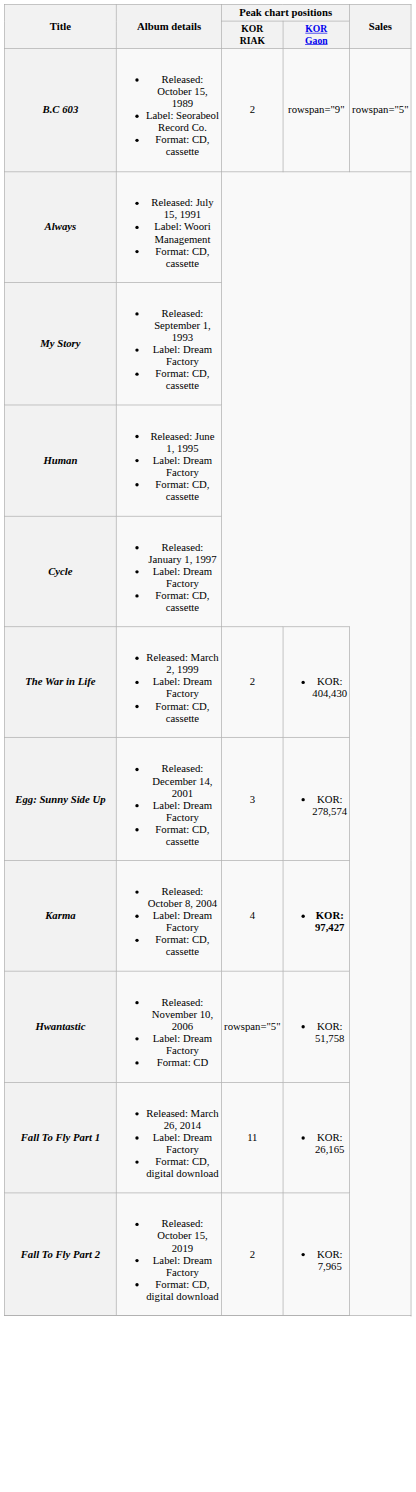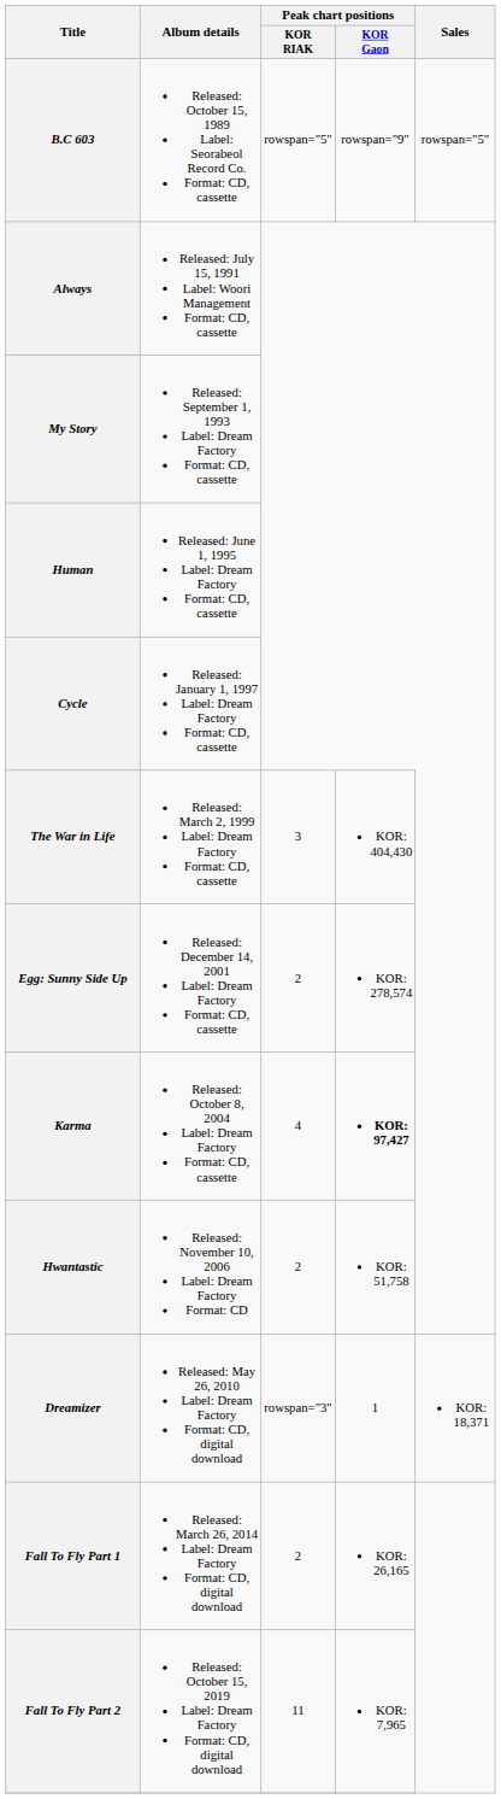 <table class="wikitable plainrowheaders" style="text-align:center;">
 <tr>
 <th scope="col" rowspan="2" style="width:10em;">Title</th>
 <th scope="col" rowspan="2">Album details</th>
 <th colspan="2" scope="col" style="width:5em;">Peak chart positions</th>
 <th scope="col" rowspan="2">Sales</th>
 </tr>
 <tr>
 <th style="width:3em;font-size:90%;">KOR<br>RIAK<br></th>
 <th style="width:3em;font-size:90%;"><a href='#'>KOR<br>Gaon</a><br></th>
 </tr>
 <tr>
 <th scope="row"><em>B.C 603</em></th>
 <td><br><ul><li>Released: October 15, 1989</li><li>Label: Seorabeol Record Co.</li><li>Format: CD, cassette</li></ul></td>
-<td>2</td>
+<td>rowspan="5" </td>
 <td>rowspan="9" </td>
 <td>rowspan="5" </td>
 </tr>
 <tr>
 <th scope="row"><em>Always</em></th>
 <td><br><ul><li>Released: July 15, 1991</li><li>Label: Woori Management</li><li>Format: CD, cassette</li></ul></td>
 </tr>
 <tr>
 <th scope="row"><em>My Story</em></th>
 <td><br><ul><li>Released: September 1, 1993</li><li>Label: Dream Factory</li><li>Format: CD, cassette</li></ul></td>
 </tr>
 <tr>
 <th scope="row"><em>Human</em></th>
 <td><br><ul><li>Released: June 1, 1995</li><li>Label: Dream Factory</li><li>Format: CD, cassette</li></ul></td>
 </tr>
 <tr>
 <th scope="row"><em>Cycle</em></th>
 <td><br><ul><li>Released: January 1, 1997</li><li>Label: Dream Factory</li><li>Format: CD, cassette</li></ul></td>
 </tr>
 <tr>
 <th scope="row"><em>The War in Life</em></th>
 <td><br><ul><li>Released: March 2, 1999</li><li>Label: Dream Factory</li><li>Format: CD, cassette</li></ul></td>
-<td>2</td>
+<td>3</td>
 <td><br><ul><li>KOR: 404,430</li></ul></td>
 </tr>
 <tr>
 <th scope="row"><em>Egg: Sunny Side Up</em></th>
 <td><br><ul><li>Released: December 14, 2001</li><li>Label: Dream Factory</li><li>Format: CD, cassette</li></ul></td>
-<td>3</td>
+<td>2</td>
 <td><br><ul><li>KOR: 278,574</li></ul></td>
 </tr>
 <tr>
 <th scope="row"><em>Karma</em></th>
 <td><br><ul><li>Released: October 8, 2004</li><li>Label: Dream Factory</li><li>Format: CD, cassette</li></ul></td>
 <td>4</td>
 <td><strong><br><ul><li>KOR: 97,427</li></ul></strong></td>
 </tr>
 <tr>
 <th scope="row"><em>Hwantastic</em></th>
 <td><br><ul><li>Released: November 10, 2006</li><li>Label: Dream Factory</li><li>Format: CD</li></ul></td>
-<td>rowspan="5" </td>
+<td>2</td>
 <td><br><ul><li>KOR: 51,758</li></ul></td>
+</tr>
+<tr>
+<th scope="row"><em>Dreamizer</em></th>
+<td><br><ul><li>Released: May 26, 2010</li><li>Label: Dream Factory</li><li>Format: CD, digital download</li></ul></td>
+<td>rowspan="3" </td>
+<td>1</td>
+<td><br><ul><li>KOR: 18,371</li></ul></td>
 </tr>
 <tr>
 <th scope="row"><em>Fall To Fly Part 1</em><br></th>
 <td><br><ul><li>Released: March 26, 2014</li><li>Label: Dream Factory</li><li>Format: CD, digital download</li></ul></td>
-<td>11</td>
+<td>2</td>
 <td><br><ul><li>KOR: 26,165</li></ul></td>
 </tr>
 <tr>
 <th scope="row"><em>Fall To Fly Part 2</em><br></th>
 <td><br><ul><li>Released: October 15, 2019</li><li>Label: Dream Factory</li><li>Format: CD, digital download</li></ul></td>
-<td>2</td>
+<td>11</td>
 <td><br><ul><li>KOR: 7,965</li></ul></td>
 </tr>
 <tr>
 </tr>
 </table>
